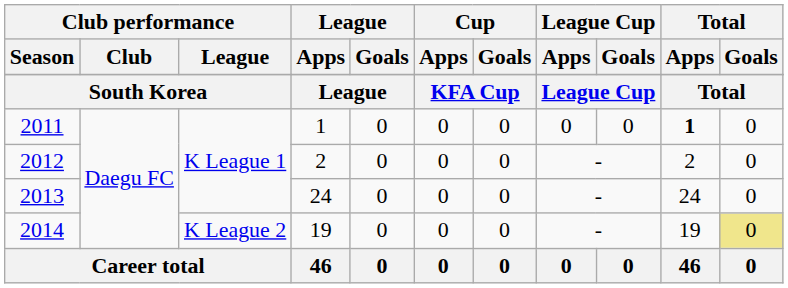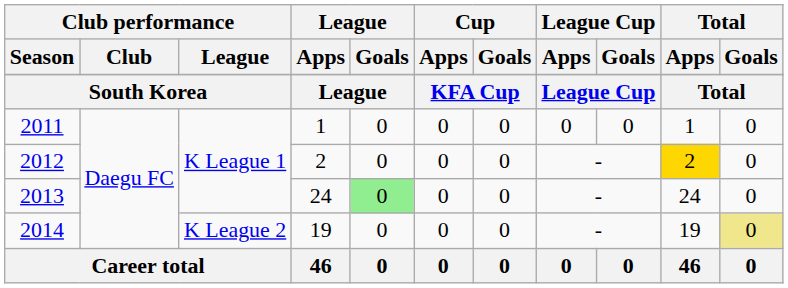 <table class="wikitable" style="text-align:center">
 <tr>
 <th colspan=3>Club performance</th>
 <th colspan=2>League</th>
 <th colspan=2>Cup</th>
 <th colspan=2>League Cup</th>
 <th colspan=2>Total</th>
 </tr>
 <tr>
 <th>Season</th>
 <th>Club</th>
 <th>League</th>
 <th>Apps</th>
 <th>Goals</th>
 <th>Apps</th>
 <th>Goals</th>
 <th>Apps</th>
 <th>Goals</th>
 <th>Apps</th>
 <th>Goals</th>
 </tr>
 <tr>
 </tr>
 <tr>
 <th colspan=3>South Korea</th>
 <th colspan=2>League</th>
 <th colspan=2><a href='#'>KFA Cup</a></th>
 <th colspan=2><a href='#'>League Cup</a></th>
 <th colspan=2>Total</th>
 </tr>
 <tr>
 <td><a href='#'>2011</a></td>
 <td rowspan="4"><a href='#'>Daegu FC</a></td>
 <td rowspan="3"><a href='#'>K League 1</a></td>
 <td>1</td>
 <td>0</td>
 <td>0</td>
 <td>0</td>
 <td>0</td>
 <td>0</td>
-<td><strong>1</strong></td>
+<td>1</td>
 <td>0</td>
 </tr>
 <tr>
 <td><a href='#'>2012</a></td>
 <td>2</td>
 <td>0</td>
 <td>0</td>
 <td>0</td>
 <td colspan="2">-</td>
-<td>2</td>
+<td style="background: gold;">2</td>
 <td>0</td>
 </tr>
 <tr>
 <td><a href='#'>2013</a></td>
 <td>24</td>
-<td>0</td>
+<td style="background: lightgreen;">0</td>
 <td>0</td>
 <td>0</td>
 <td colspan="2">-</td>
 <td>24</td>
 <td>0</td>
 </tr>
 <tr>
 <td><a href='#'>2014</a></td>
 <td rowspan="1"><a href='#'>K League 2</a></td>
 <td>19</td>
 <td>0</td>
 <td>0</td>
 <td>0</td>
 <td colspan="2">-</td>
 <td>19</td>
 <td style="background: khaki;">0</td>
 </tr>
 <tr>
 <th colspan=3>Career total</th>
 <th>46</th>
 <th>0</th>
 <th>0</th>
 <th>0</th>
 <th>0</th>
 <th>0</th>
 <th>46</th>
 <th>0</th>
 </tr>
 </table>
